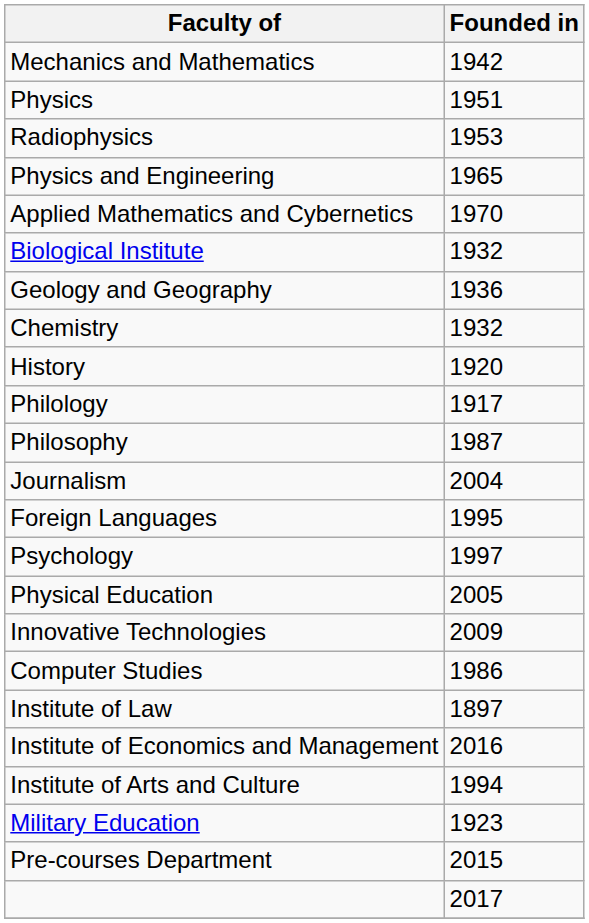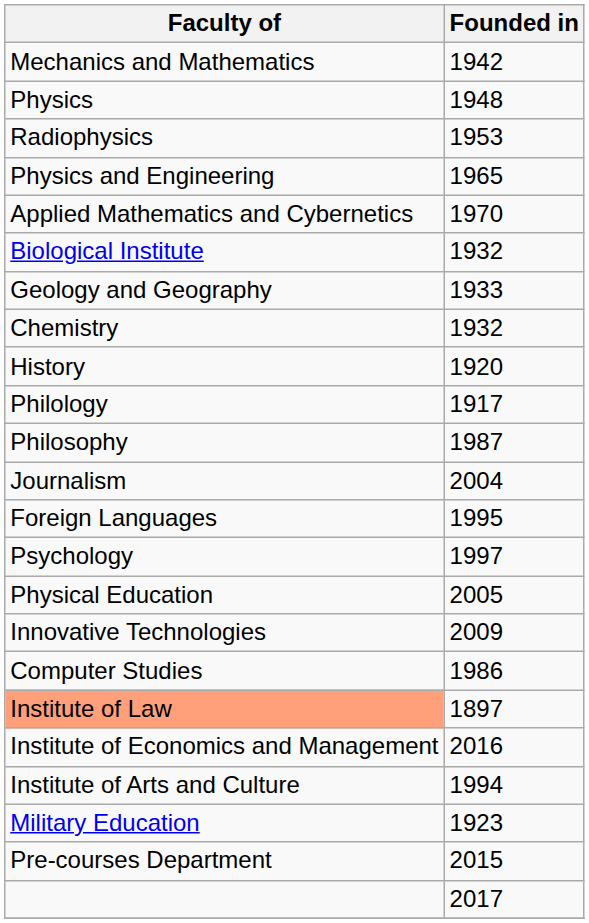 <table class=wikitable>
 <tr>
 <th>Faculty of</th>
 <th>Founded in</th>
 </tr>
 <tr>
 <td>Mechanics and Mathematics</td>
 <td>1942</td>
 </tr>
 <tr>
 <td>Physics</td>
-<td>1951</td>
+<td>1948</td>
 </tr>
 <tr>
 <td>Radiophysics</td>
 <td>1953</td>
 </tr>
 <tr>
 <td>Physics and Engineering</td>
 <td>1965</td>
 </tr>
 <tr>
 <td>Applied Mathematics and Cybernetics</td>
 <td>1970</td>
 </tr>
 <tr>
 <td><a href='#'>Biological Institute</a></td>
 <td>1932</td>
 </tr>
 <tr>
 <td>Geology and Geography</td>
-<td>1936</td>
+<td>1933</td>
 </tr>
 <tr>
 <td>Chemistry</td>
 <td>1932</td>
 </tr>
 <tr>
 <td>History</td>
 <td>1920</td>
 </tr>
 <tr>
 <td>Philology</td>
 <td>1917</td>
 </tr>
 <tr>
 <td>Philosophy</td>
 <td>1987</td>
 </tr>
 <tr>
 <td>Journalism</td>
 <td>2004</td>
 </tr>
 <tr>
 <td>Foreign Languages</td>
 <td>1995</td>
 </tr>
 <tr>
 <td>Psychology</td>
 <td>1997</td>
 </tr>
 <tr>
 <td>Physical Education</td>
 <td>2005</td>
 </tr>
 <tr>
 <td>Innovative Technologies</td>
 <td>2009</td>
 </tr>
 <tr>
 <td>Computer Studies</td>
 <td>1986</td>
 </tr>
 <tr>
-<td>Institute of Law</td>
+<td style="background: lightsalmon;">Institute of Law</td>
 <td>1897</td>
 </tr>
 <tr>
 <td>Institute of Economics and Management</td>
 <td>2016</td>
 </tr>
 <tr>
 <td>Institute of Arts and Culture</td>
 <td>1994</td>
 </tr>
 <tr>
 <td><a href='#'>Military Education</a></td>
 <td>1923</td>
 </tr>
 <tr>
 <td>Pre-courses Department</td>
 <td>2015</td>
 </tr>
 <tr>
 <td></td>
 <td>2017</td>
 </tr>
 <tr>
 </tr>
 </table>
